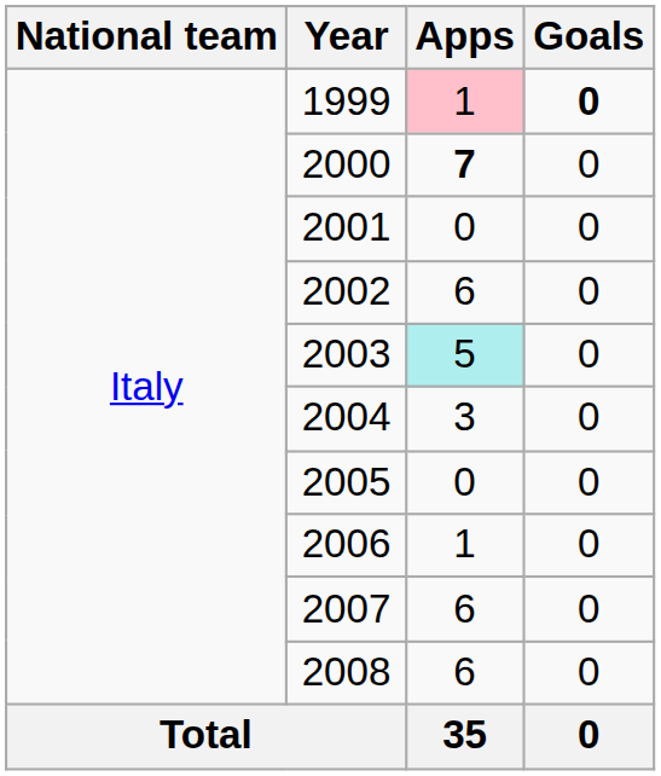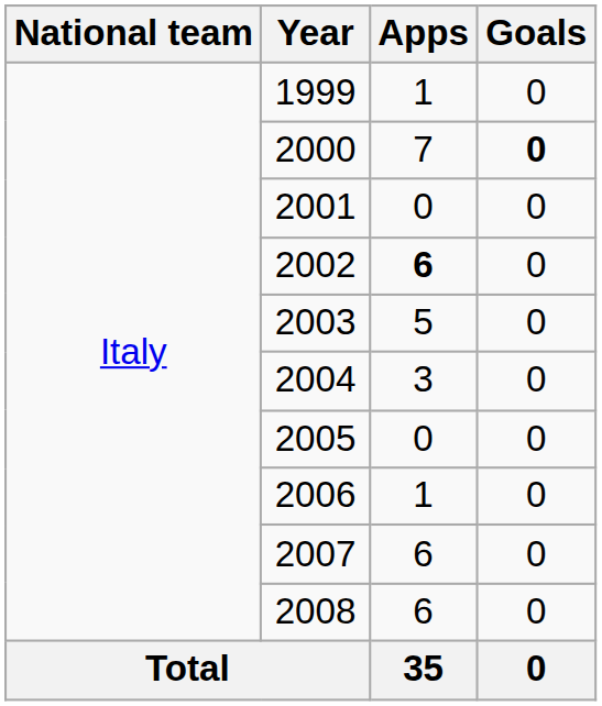 <table class="wikitable" style="text-align:center">
 <tr>
 <th>National team</th>
 <th width="40">Year</th>
 <th width="40">Apps</th>
 <th>Goals</th>
 </tr>
 <tr>
 <td rowspan="10"><a href='#'>Italy</a></td>
 <td>1999</td>
-<td style="background: pink;">1</td>
-<td><strong>0</strong></td>
+<td>1</td>
+<td>0</td>
 </tr>
 <tr>
 <td>2000</td>
-<td><strong>7</strong></td>
-<td>0</td>
+<td>7</td>
+<td><strong>0</strong></td>
 </tr>
 <tr>
 <td>2001</td>
 <td>0</td>
 <td>0</td>
 </tr>
 <tr>
 <td>2002</td>
-<td>6</td>
+<td><strong>6</strong></td>
 <td>0</td>
 </tr>
 <tr>
 <td>2003</td>
-<td style="background: paleturquoise;">5</td>
+<td>5</td>
 <td>0</td>
 </tr>
 <tr>
 <td>2004</td>
 <td>3</td>
 <td>0</td>
 </tr>
 <tr>
 <td>2005</td>
 <td>0</td>
 <td>0</td>
 </tr>
 <tr>
 <td>2006</td>
 <td>1</td>
 <td>0</td>
 </tr>
 <tr>
 <td>2007</td>
 <td>6</td>
 <td>0</td>
 </tr>
 <tr>
 <td>2008</td>
 <td>6</td>
 <td>0</td>
 </tr>
 <tr>
 <th colspan="2">Total</th>
 <th>35</th>
 <th>0</th>
 </tr>
 </table>
